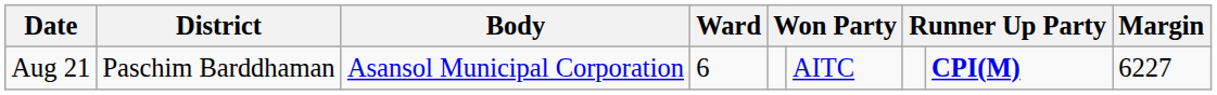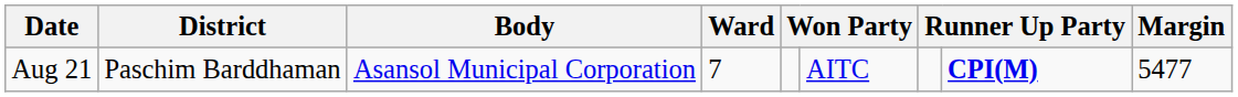 <table class="wikitable">
 <tr>
 <th>Date</th>
 <th>District</th>
 <th>Body</th>
 <th>Ward</th>
 <th colspan="2">Won Party</th>
 <th colspan="2">Runner Up Party</th>
 <th>Margin</th>
 </tr>
 <tr>
 <td>Aug 21</td>
 <td>Paschim Barddhaman</td>
 <td><a href='#'>Asansol Municipal Corporation</a></td>
-<td>6</td>
+<td>7</td>
 <td></td>
 <td><a href='#'>AITC</a></td>
 <td></td>
 <td><strong><a href='#'>CPI(M)</a></strong></td>
-<td>6227</td>
+<td>5477</td>
 </tr>
 </table>
